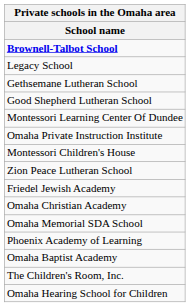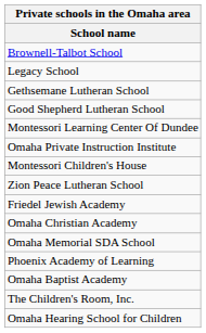 <table class="wikitable">
 <tr>
 <th align="center" colspan="6"><strong>Private schools in the Omaha area</strong></th>
 </tr>
 <tr>
 <th>School name</th>
 </tr>
 <tr>
-<td><strong><a href='#'>Brownell-Talbot School</a></strong></td>
+<td><a href='#'>Brownell-Talbot School</a></td>
 </tr>
 <tr>
 <td>Legacy School</td>
 </tr>
 <tr>
 <td>Gethsemane Lutheran School</td>
 </tr>
 <tr>
 <td>Good Shepherd Lutheran School</td>
 </tr>
 <tr>
 <td>Montessori Learning Center Of Dundee</td>
 </tr>
 <tr>
 <td>Omaha Private Instruction Institute</td>
 </tr>
 <tr>
 <td>Montessori Children's House</td>
 </tr>
 <tr>
 <td>Zion Peace Lutheran School</td>
 </tr>
 <tr>
 <td>Friedel Jewish Academy</td>
 </tr>
 <tr>
 <td>Omaha Christian Academy</td>
 </tr>
 <tr>
 <td>Omaha Memorial SDA School</td>
 </tr>
 <tr>
 <td>Phoenix Academy of Learning</td>
 </tr>
 <tr>
 <td>Omaha Baptist Academy</td>
 </tr>
 <tr>
 <td>The Children's Room, Inc.</td>
 </tr>
 <tr>
 <td>Omaha Hearing School for Children</td>
 </tr>
 </table>
